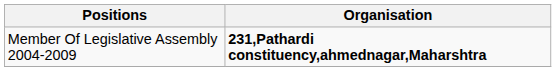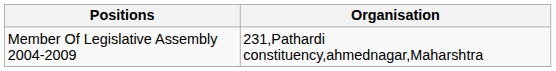 <table class="wikitable">
 <tr>
 <th>Positions</th>
 <th>Organisation</th>
 </tr>
 <tr>
 <td>Member Of Legislative Assembly 2004-2009</td>
-<td><strong>231,Pathardi constituency,ahmednagar,Maharshtra</strong></td>
+<td>231,Pathardi constituency,ahmednagar,Maharshtra</td>
 </tr>
 <tr>
 </tr>
 </table>
